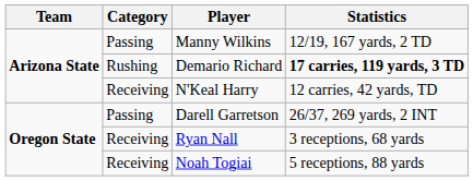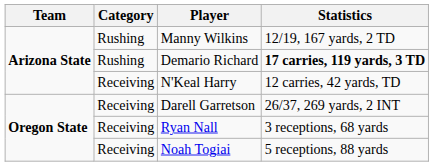 <table class="wikitable" style="float: right;">
 <tr>
 <th>Team</th>
 <th>Category</th>
 <th>Player</th>
 <th>Statistics</th>
 </tr>
 <tr>
 <td rowspan=3><strong>Arizona State</strong></td>
-<td>Passing</td>
+<td>Rushing</td>
 <td>Manny Wilkins</td>
 <td>12/19, 167 yards, 2 TD</td>
 </tr>
 <tr>
 <td>Rushing</td>
 <td>Demario Richard</td>
 <td><strong>17 carries, 119 yards, 3 TD</strong></td>
 </tr>
 <tr>
 <td>Receiving</td>
 <td>N'Keal Harry</td>
 <td>12 carries, 42 yards, TD</td>
 </tr>
 <tr>
 <td rowspan=3><strong>Oregon State</strong></td>
-<td>Passing</td>
+<td>Receiving</td>
 <td>Darell Garretson</td>
 <td>26/37, 269 yards, 2 INT</td>
 </tr>
 <tr>
 <td>Receiving</td>
 <td><a href='#'>Ryan Nall</a></td>
 <td>3 receptions, 68 yards</td>
 </tr>
 <tr>
 <td>Receiving</td>
 <td><a href='#'>Noah Togiai</a></td>
 <td>5 receptions, 88 yards</td>
 </tr>
 </table>
